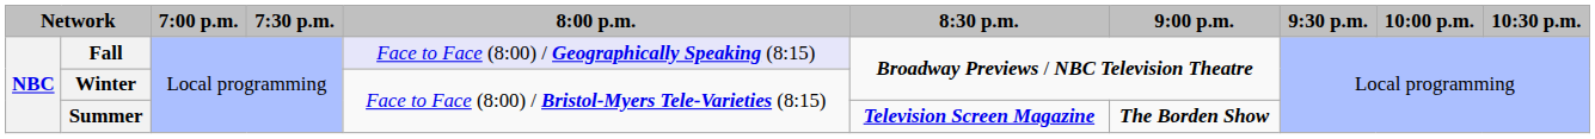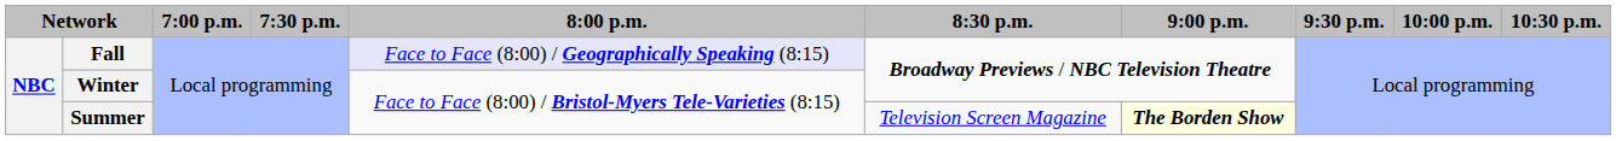 <table class="wikitable" style="width:100%;margin-right:0;text-align:center">
 <tr>
 <th colspan="2" style="background-color:#C0C0C0">Network</th>
 <th style="background-color:#C0C0C0;text-align:center">7:00 p.m.</th>
 <th style="background-color:#C0C0C0;text-align:center">7:30 p.m.</th>
 <th style="background-color:#C0C0C0;text-align:center">8:00 p.m.</th>
 <th style="background-color:#C0C0C0;text-align:center">8:30 p.m.</th>
 <th style="background-color:#C0C0C0;text-align:center">9:00 p.m.</th>
 <th style="background-color:#C0C0C0;text-align:center">9:30 p.m.</th>
 <th style="background-color:#C0C0C0;text-align:center">10:00 p.m.</th>
 <th style="background-color:#C0C0C0;text-align:center">10:30 p.m.</th>
 </tr>
 <tr>
 <th rowspan="3"><a href='#'>NBC</a></th>
 <th>Fall</th>
 <td colspan="2" rowspan="3" style="background:#abbfff;">Local programming</td>
 <td style="background: lavender;"><em><a href='#'>Face to Face</a></em> (8:00) / <strong><em><a href='#'>Geographically Speaking</a></em></strong> (8:15)</td>
 <td colspan="2" rowspan="2"><strong><em>Broadway Previews</em></strong> / <strong><em>NBC Television Theatre</em></strong></td>
 <td colspan="3" rowspan="3" style="background:#abbfff;">Local programming</td>
 </tr>
 <tr>
 <th>Winter</th>
 <td rowspan="2"><em><a href='#'>Face to Face</a></em> (8:00) / <strong><em><a href='#'>Bristol-Myers Tele-Varieties</a></em></strong> (8:15)</td>
 </tr>
 <tr>
 <th>Summer</th>
-<td><strong><em><a href='#'>Television Screen Magazine</a></em></strong></td>
-<td><strong><em>The Borden Show</em></strong></td>
+<td><em><a href='#'>Television Screen Magazine</a></em></td>
+<td style="background: lightyellow;"><strong><em>The Borden Show</em></strong></td>
 </tr>
 </table>
